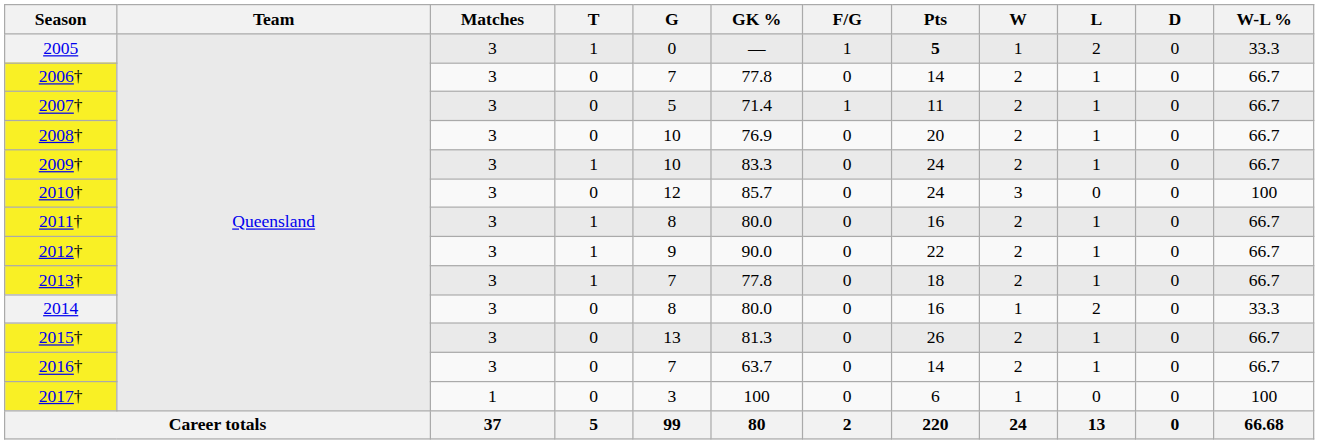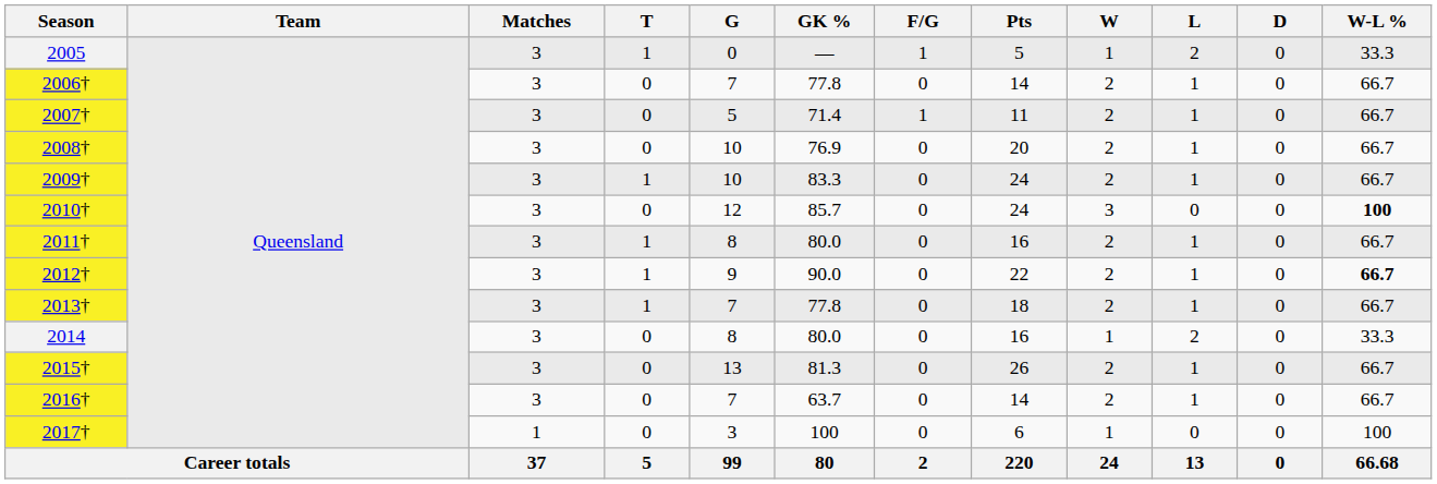 <table class="wikitable sortable"  style="font-size:90%; text-align:center; width:85%;">
 <tr>
 <th width=2%>Season</th>
 <th width=8%>Team</th>
 <th width=2%>Matches</th>
 <th width=2%>T</th>
 <th width=2%>G</th>
 <th width=2%>GK %</th>
 <th width=2%>F/G</th>
 <th width=2%>Pts</th>
 <th width=2%>W</th>
 <th width=2%>L</th>
 <th width=2%>D</th>
 <th width=2%>W-L %</th>
 </tr>
 <tr style="background:#eaeaea;">
 <th scope="row" style="text-align:center; font-weight:normal"><a href='#'>2005</a></th>
 <td rowspan="13" style="text-align:center;"> <a href='#'>Queensland</a></td>
 <td>3</td>
 <td>1</td>
 <td>0</td>
 <td>—</td>
 <td>1</td>
-<td><strong>5</strong></td>
+<td>5</td>
 <td>1</td>
 <td>2</td>
 <td>0</td>
 <td>33.3</td>
 </tr>
 <tr>
 <th scope="row" style="text-align:center;background:#f9f025; font-weight:normal"><a href='#'>2006</a>†</th>
 <td>3</td>
 <td>0</td>
 <td>7</td>
 <td>77.8</td>
 <td>0</td>
 <td>14</td>
 <td>2</td>
 <td>1</td>
 <td>0</td>
 <td>66.7</td>
 </tr>
 <tr style="background:#eaeaea;">
 <th scope="row" style="text-align:center;background:#f9f025; font-weight:normal"><a href='#'>2007</a>†</th>
 <td>3</td>
 <td>0</td>
 <td>5</td>
 <td>71.4</td>
 <td>1</td>
 <td>11</td>
 <td>2</td>
 <td>1</td>
 <td>0</td>
 <td>66.7</td>
 </tr>
 <tr>
 <th scope="row" style="text-align:center;background:#f9f025; font-weight:normal"><a href='#'>2008</a>†</th>
 <td>3</td>
 <td>0</td>
 <td>10</td>
 <td>76.9</td>
 <td>0</td>
 <td>20</td>
 <td>2</td>
 <td>1</td>
 <td>0</td>
 <td>66.7</td>
 </tr>
 <tr style="background:#eaeaea;">
 <th scope="row" style="text-align:center;background:#f9f025; font-weight:normal"><a href='#'>2009</a>†</th>
 <td>3</td>
 <td>1</td>
 <td>10</td>
 <td>83.3</td>
 <td>0</td>
 <td>24</td>
 <td>2</td>
 <td>1</td>
 <td>0</td>
 <td>66.7</td>
 </tr>
 <tr>
 <th scope="row" style="text-align:center;background:#f9f025; font-weight:normal"><a href='#'>2010</a>†</th>
 <td>3</td>
 <td>0</td>
 <td>12</td>
 <td>85.7</td>
 <td>0</td>
 <td>24</td>
 <td>3</td>
 <td>0</td>
 <td>0</td>
-<td>100</td>
+<td><strong>100</strong></td>
 </tr>
 <tr style="background:#eaeaea;">
 <th scope="row" style="text-align:center;background:#f9f025; font-weight:normal"><a href='#'>2011</a>†</th>
 <td>3</td>
 <td>1</td>
 <td>8</td>
 <td>80.0</td>
 <td>0</td>
 <td>16</td>
 <td>2</td>
 <td>1</td>
 <td>0</td>
 <td>66.7</td>
 </tr>
 <tr>
 <th scope="row" style="text-align:center;background:#f9f025; font-weight:normal"><a href='#'>2012</a>†</th>
 <td>3</td>
 <td>1</td>
 <td>9</td>
 <td>90.0</td>
 <td>0</td>
 <td>22</td>
 <td>2</td>
 <td>1</td>
 <td>0</td>
-<td>66.7</td>
+<td><strong>66.7</strong></td>
 </tr>
 <tr style="background:#eaeaea;">
 <th scope="row" style="text-align:center;background:#f9f025; font-weight:normal"><a href='#'>2013</a>†</th>
 <td>3</td>
 <td>1</td>
 <td>7</td>
 <td>77.8</td>
 <td>0</td>
 <td>18</td>
 <td>2</td>
 <td>1</td>
 <td>0</td>
 <td>66.7</td>
 </tr>
 <tr>
 <th scope="row" style="text-align:center; font-weight:normal"><a href='#'>2014</a></th>
 <td>3</td>
 <td>0</td>
 <td>8</td>
 <td>80.0</td>
 <td>0</td>
 <td>16</td>
 <td>1</td>
 <td>2</td>
 <td>0</td>
 <td>33.3</td>
 </tr>
 <tr style="background:#eaeaea;">
 <th scope="row" style="text-align:center;background:#f9f025; font-weight:normal"><a href='#'>2015</a>†</th>
 <td>3</td>
 <td>0</td>
 <td>13</td>
 <td>81.3</td>
 <td>0</td>
 <td>26</td>
 <td>2</td>
 <td>1</td>
 <td>0</td>
 <td>66.7</td>
 </tr>
 <tr>
 <th scope="row" style="text-align:center;background:#f9f025; font-weight:normal"><a href='#'>2016</a>†</th>
 <td>3</td>
 <td>0</td>
 <td>7</td>
 <td>63.7</td>
 <td>0</td>
 <td>14</td>
 <td>2</td>
 <td>1</td>
 <td>0</td>
 <td>66.7</td>
 </tr>
 <tr>
 <th scope="row" style="text-align:center;background:#f9f025; font-weight:normal"><a href='#'>2017</a>†</th>
 <td>1</td>
 <td>0</td>
 <td>3</td>
 <td>100</td>
 <td>0</td>
 <td>6</td>
 <td>1</td>
 <td>0</td>
 <td>0</td>
 <td>100</td>
 </tr>
 <tr class="sortbottom">
 <th colspan=2>Career totals</th>
 <th>37</th>
 <th>5</th>
 <th>99</th>
 <th>80</th>
 <th>2</th>
 <th>220</th>
 <th>24</th>
 <th>13</th>
 <th>0</th>
 <th>66.68</th>
 </tr>
 </table>
